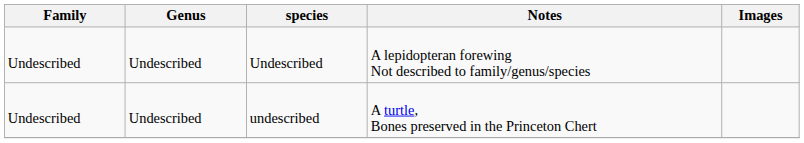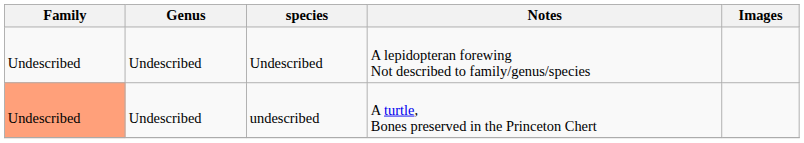 <table class="wikitable sortable"  style="margin:auto; width:100%;">
 <tr>
 <th>Family</th>
 <th>Genus</th>
 <th>species</th>
 <th>Notes</th>
 <th>Images</th>
 </tr>
 <tr>
 <td><br>Undescribed</td>
 <td><br>Undescribed</td>
 <td><br>Undescribed</td>
 <td><br>A lepidopteran forewing<br>Not described to family/genus/species</td>
 <td></td>
 </tr>
 <tr>
-<td><br>Undescribed</td>
+<td style="background: lightsalmon;"><br>Undescribed</td>
 <td><br>Undescribed</td>
 <td><br>undescribed</td>
 <td><br>A <a href='#'>turtle</a>,<br> Bones preserved in the Princeton Chert</td>
 <td></td>
 </tr>
 <tr>
 </tr>
 </table>
